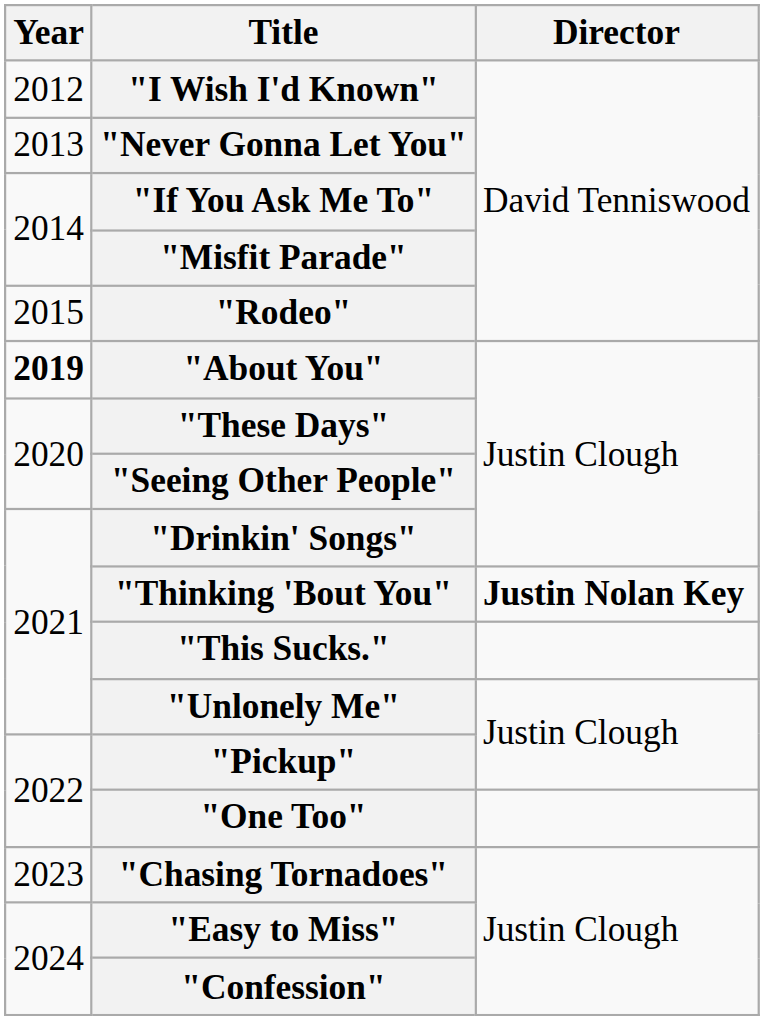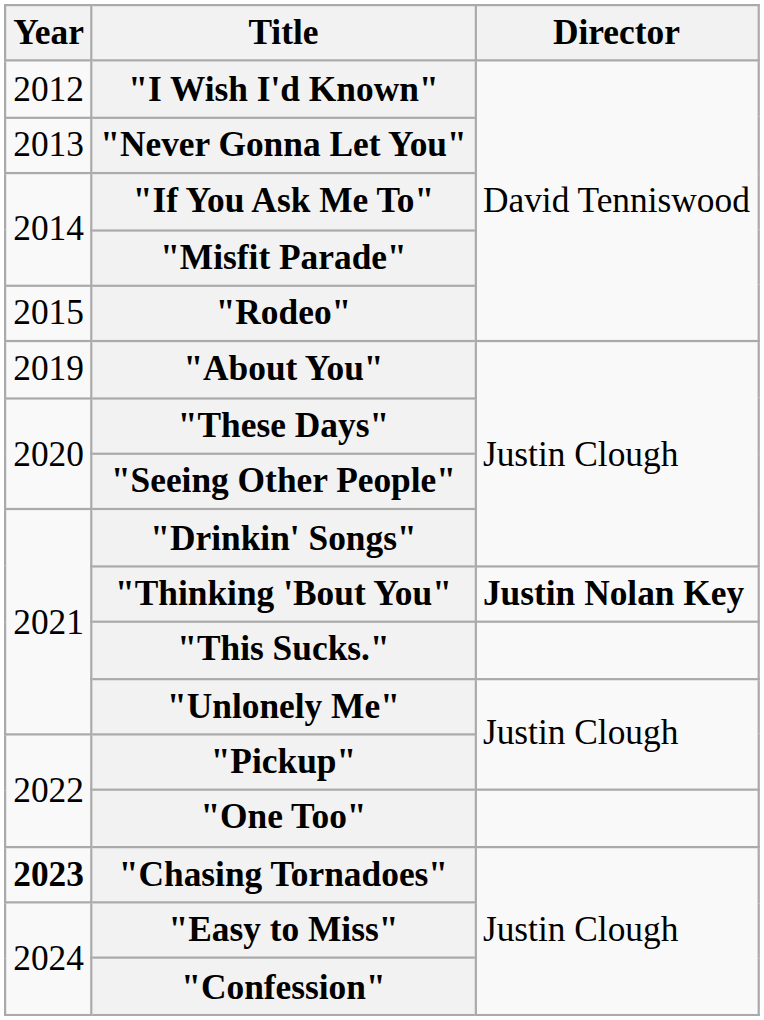 <table class="wikitable plainrowheaders">
 <tr>
 <th scope="col">Year</th>
 <th scope="col">Title</th>
 <th scope="col">Director</th>
 </tr>
 <tr>
 <td>2012</td>
 <th scope="row">"I Wish I'd Known"</th>
 <td rowspan="5">David Tenniswood</td>
 </tr>
 <tr>
 <td>2013</td>
 <th scope="row">"Never Gonna Let You"</th>
 </tr>
 <tr>
 <td rowspan="2">2014</td>
 <th scope="row">"If You Ask Me To"</th>
 </tr>
 <tr>
 <th scope="row">"Misfit Parade"</th>
 </tr>
 <tr>
 <td>2015</td>
 <th scope="row">"Rodeo"</th>
 </tr>
 <tr>
-<td><strong>2019</strong></td>
+<td>2019</td>
 <th scope="row">"About You"</th>
 <td rowspan="4">Justin Clough</td>
 </tr>
 <tr>
 <td rowspan="2">2020</td>
 <th scope="row">"These Days"</th>
 </tr>
 <tr>
 <th scope="row">"Seeing Other People"</th>
 </tr>
 <tr>
 <td rowspan="4">2021</td>
 <th scope="row">"Drinkin' Songs"</th>
 </tr>
 <tr>
 <th scope="row">"Thinking 'Bout You"<br></th>
 <td><strong>Justin Nolan Key</strong></td>
 </tr>
 <tr>
 <th scope="row">"This Sucks."<br></th>
 <td></td>
 </tr>
 <tr>
 <th scope="row">"Unlonely Me"</th>
 <td rowspan="2">Justin Clough</td>
 </tr>
 <tr>
 <td rowspan="2">2022</td>
 <th scope="row">"Pickup"</th>
 </tr>
 <tr>
 <th scope="row">"One Too"<br></th>
 <td></td>
 </tr>
 <tr>
-<td>2023</td>
+<td><strong>2023</strong></td>
 <th scope="row">"Chasing Tornadoes"</th>
 <td rowspan="3">Justin Clough</td>
 </tr>
 <tr>
 <td rowspan="2">2024</td>
 <th scope="row">"Easy to Miss"</th>
 </tr>
 <tr>
 <th scope="row">"Confession"</th>
 </tr>
 </table>
